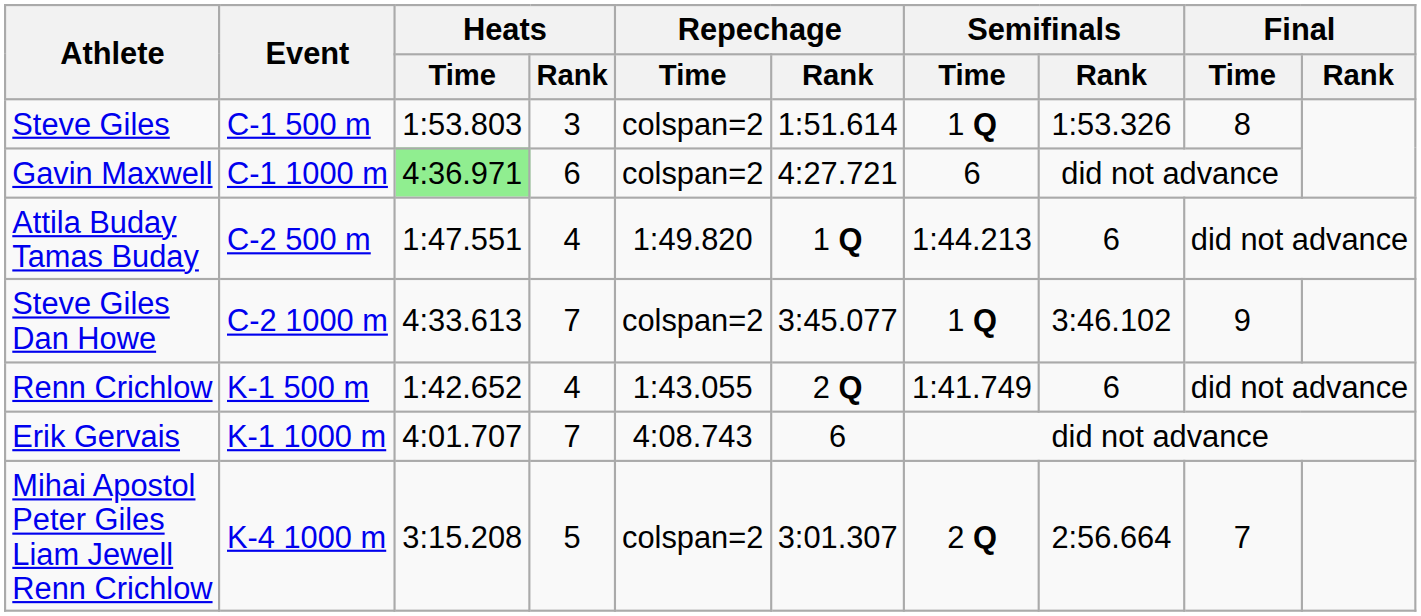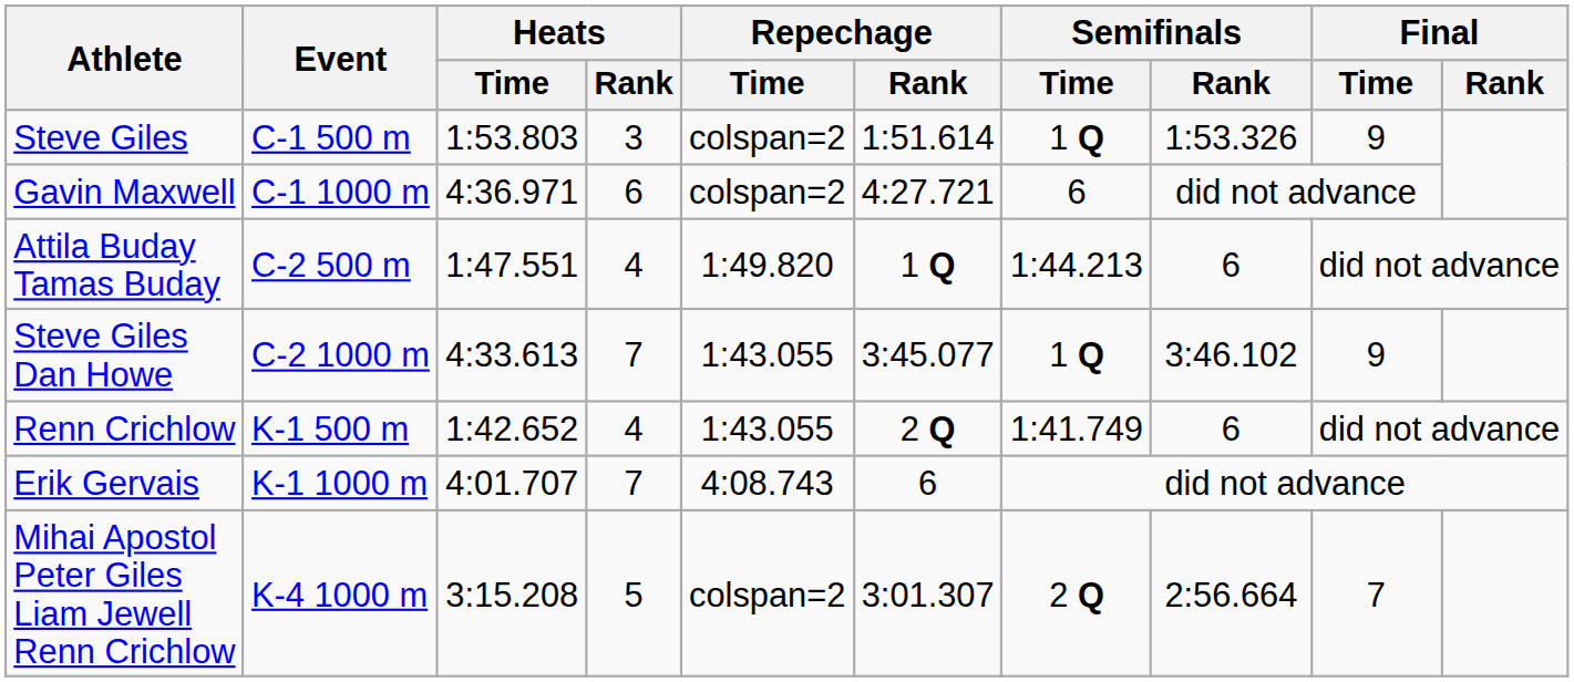 <table class=wikitable style="font-size:90%">
 <tr>
 <th rowspan="2">Athlete</th>
 <th rowspan="2">Event</th>
 <th colspan=2>Heats</th>
 <th colspan=2>Repechage</th>
 <th colspan=2>Semifinals</th>
 <th colspan=2>Final</th>
 </tr>
 <tr style="font-size:95%">
 <th>Time</th>
 <th>Rank</th>
 <th>Time</th>
 <th>Rank</th>
 <th>Time</th>
 <th>Rank</th>
 <th>Time</th>
 <th>Rank</th>
 </tr>
 <tr align=center>
 <td align=left><a href='#'>Steve Giles</a></td>
 <td align=left><a href='#'>C-1 500 m</a></td>
 <td>1:53.803</td>
 <td>3</td>
 <td>colspan=2 </td>
 <td>1:51.614</td>
 <td>1 <strong>Q</strong></td>
 <td>1:53.326</td>
-<td>8</td>
+<td>9</td>
 </tr>
 <tr align=center>
 <td align=left><a href='#'>Gavin Maxwell</a></td>
 <td align=left><a href='#'>C-1 1000 m</a></td>
-<td style="background: lightgreen;">4:36.971</td>
+<td>4:36.971</td>
 <td>6</td>
 <td>colspan=2 </td>
 <td>4:27.721</td>
 <td>6</td>
 <td colspan=2>did not advance</td>
 </tr>
 <tr align=center>
 <td align=left><a href='#'>Attila Buday</a><br><a href='#'>Tamas Buday</a></td>
 <td align=left><a href='#'>C-2 500 m</a></td>
 <td>1:47.551</td>
 <td>4</td>
 <td>1:49.820</td>
 <td>1 <strong>Q</strong></td>
 <td>1:44.213</td>
 <td>6</td>
 <td colspan=2>did not advance</td>
 </tr>
 <tr align=center>
 <td align=left><a href='#'>Steve Giles</a><br><a href='#'>Dan Howe</a></td>
 <td align=left><a href='#'>C-2 1000 m</a></td>
 <td>4:33.613</td>
 <td>7</td>
-<td>colspan=2 </td>
+<td>1:43.055</td>
 <td>3:45.077</td>
 <td>1 <strong>Q</strong></td>
 <td>3:46.102</td>
 <td>9</td>
 </tr>
 <tr align=center>
 <td align=left><a href='#'>Renn Crichlow</a></td>
 <td align=left><a href='#'>K-1 500 m</a></td>
 <td>1:42.652</td>
 <td>4</td>
 <td>1:43.055</td>
 <td>2 <strong>Q</strong></td>
 <td>1:41.749</td>
 <td>6</td>
 <td colspan=2>did not advance</td>
 </tr>
 <tr align=center>
 <td align=left><a href='#'>Erik Gervais</a></td>
 <td align=left><a href='#'>K-1 1000 m</a></td>
 <td>4:01.707</td>
 <td>7</td>
 <td>4:08.743</td>
 <td>6</td>
 <td colspan=4>did not advance</td>
 </tr>
 <tr align=center>
 <td align=left><a href='#'>Mihai Apostol</a><br><a href='#'>Peter Giles</a><br><a href='#'>Liam Jewell</a><br><a href='#'>Renn Crichlow</a></td>
 <td align=left><a href='#'>K-4 1000 m</a></td>
 <td>3:15.208</td>
 <td>5</td>
 <td>colspan=2 </td>
 <td>3:01.307</td>
 <td>2 <strong>Q</strong></td>
 <td>2:56.664</td>
 <td>7</td>
 </tr>
 </table>
